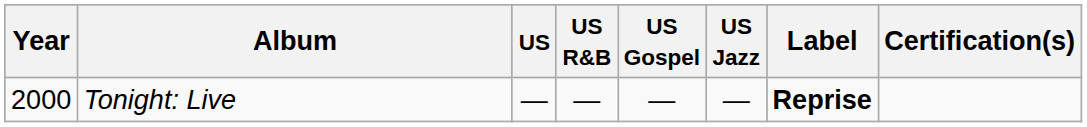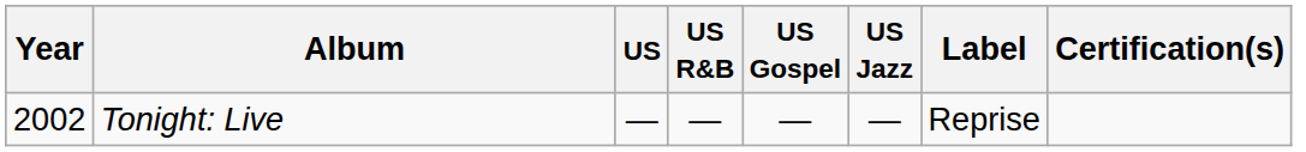 <table class="wikitable" style="text-align:left;">
 <tr>
 <th>Year</th>
 <th style="width:250px;">Album</th>
 <th style="text-align:center;"><small>US</small></th>
 <th style="text-align:center;"><small>US<br>R&B</small></th>
 <th style="text-align:center;"><small>US<br>Gospel</small></th>
 <th style="text-align:center;"><small>US<br>Jazz</small></th>
 <th>Label</th>
 <th>Certification(s)</th>
 </tr>
 <tr>
-<td>2000</td>
+<td>2002</td>
 <td><em>Tonight: Live</em>  </td>
 <td style="text-align:center;">—</td>
 <td style="text-align:center;">—</td>
 <td style="text-align:center;">—</td>
 <td style="text-align:center;">—</td>
-<td style="text-align:left;"><strong>Reprise</strong></td>
+<td style="text-align:left;">Reprise</td>
 <td></td>
 </tr>
 </table>
